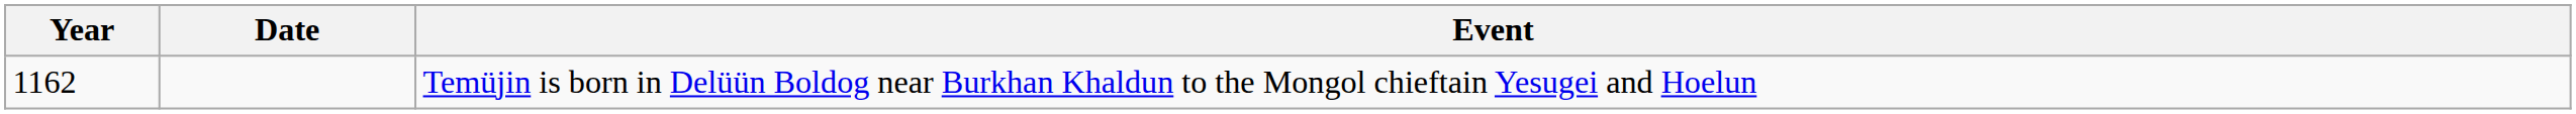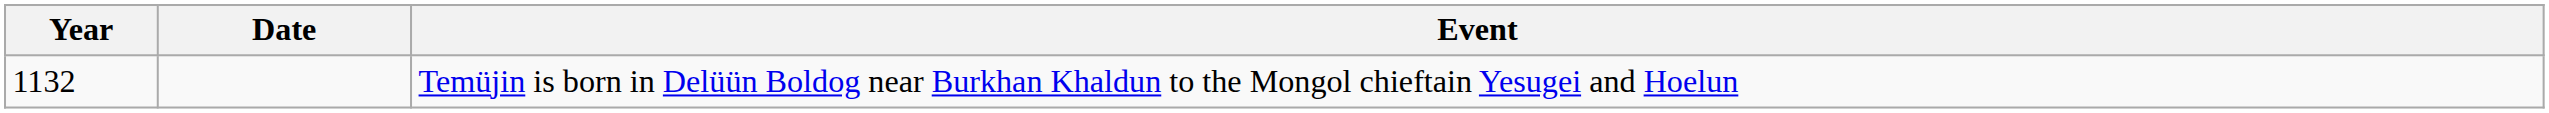 <table class="wikitable" width="100%">
 <tr>
 <th style="width:6%">Year</th>
 <th style="width:10%">Date</th>
 <th>Event</th>
 </tr>
 <tr>
-<td>1162</td>
+<td>1132</td>
 <td></td>
 <td><a href='#'>Temüjin</a> is born in <a href='#'>Delüün Boldog</a> near <a href='#'>Burkhan Khaldun</a> to the Mongol chieftain <a href='#'>Yesugei</a> and <a href='#'>Hoelun</a></td>
 </tr>
 </table>
